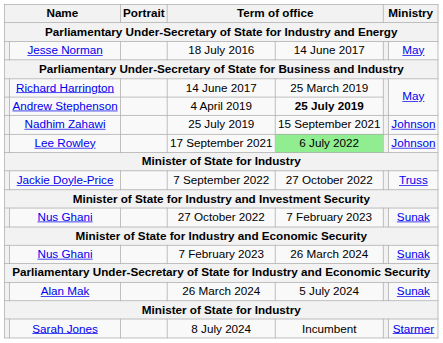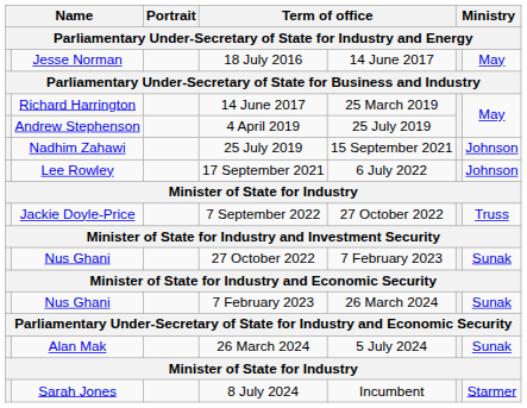 <table class="wikitable" style="text-align:center">
 <tr>
 <th colspan="2">Name</th>
 <th>Portrait</th>
 <th colspan="2">Term of office</th>
 <th colspan="2">Ministry</th>
 </tr>
 <tr>
 <th colspan=8>Parliamentary Under-Secretary of State for Industry and Energy</th>
 </tr>
 <tr>
 <th style="background-color: "></th>
 <td><a href='#'>Jesse Norman</a></td>
 <td></td>
 <td>18 July 2016</td>
 <td>14 June 2017</td>
 <th style="background-color: "></th>
 <td><a href='#'>May</a><br></td>
 </tr>
 <tr>
 <th colspan=8>Parliamentary Under-Secretary of State for Business and Industry</th>
 </tr>
 <tr>
 <th style="background-color: "></th>
 <td><a href='#'>Richard Harrington</a></td>
 <td></td>
 <td>14 June 2017</td>
 <td>25 March 2019</td>
 <th rowspan=2 style="background-color: "></th>
 <td rowspan=2><a href='#'>May</a><br></td>
 </tr>
 <tr>
 <th style="background-color: "></th>
 <td><a href='#'>Andrew Stephenson</a></td>
 <td></td>
 <td>4 April 2019</td>
-<td><strong>25 July 2019</strong></td>
+<td>25 July 2019</td>
 </tr>
 <tr>
 <th rowspan=2 style="background-color: "></th>
 <td rowspan=2><a href='#'>Nadhim Zahawi</a></td>
 <td rowspan=2></td>
 <td rowspan=2>25 July 2019</td>
 <td rowspan=2>15 September 2021</td>
 <th style="background-color: "></th>
 <td><a href='#'>Johnson</a><br></td>
 </tr>
 <tr>
 <th rowspan=2 style="background-color: "></th>
 <td rowspan=2><a href='#'>Johnson</a><br></td>
 </tr>
 <tr>
 <th style="background-color: "></th>
 <td><a href='#'>Lee Rowley</a></td>
 <td></td>
 <td>17 September 2021</td>
-<td style="background: lightgreen;">6 July 2022</td>
+<td>6 July 2022</td>
 </tr>
 <tr>
 <th colspan=8>Minister of State for Industry</th>
 </tr>
 <tr>
 <th style="background-color: "></th>
 <td><a href='#'>Jackie Doyle-Price</a></td>
 <td></td>
 <td>7 September 2022</td>
 <td>27 October 2022</td>
 <th style="background-color: "></th>
 <td><a href='#'>Truss</a></td>
 </tr>
 <tr>
 <th colspan=8>Minister of State for Industry and Investment Security</th>
 </tr>
 <tr>
 <th style="background-color: "></th>
 <td><a href='#'>Nus Ghani</a></td>
 <td></td>
 <td>27 October 2022</td>
 <td>7 February 2023</td>
 <th style="background-color: "></th>
 <td><a href='#'>Sunak</a></td>
 </tr>
 <tr>
 <th colspan=8>Minister of State for Industry and Economic Security<br><em></em></th>
 </tr>
 <tr>
 <th style="background-color: "></th>
 <td><a href='#'>Nus Ghani</a></td>
 <td></td>
 <td>7 February 2023</td>
 <td>26 March 2024</td>
 <th style="background-color: "></th>
 <td><a href='#'>Sunak</a></td>
 </tr>
 <tr>
 <th colspan=8>Parliamentary Under-Secretary of State for Industry and Economic Security<br><em></em></th>
 </tr>
 <tr>
 <th style="background-color: "></th>
 <td><a href='#'>Alan Mak</a></td>
 <td></td>
 <td>26 March 2024</td>
 <td>5 July 2024</td>
 <th style="background-color: "></th>
 <td><a href='#'>Sunak</a></td>
 </tr>
 <tr>
 <th colspan=8>Minister of State for Industry</th>
 </tr>
 <tr>
 <th style="background-color: "></th>
 <td><a href='#'>Sarah Jones</a></td>
 <td></td>
 <td>8 July 2024</td>
 <td>Incumbent</td>
 <th style="background-color: "></th>
 <td><a href='#'>Starmer</a></td>
 </tr>
 </table>
